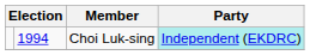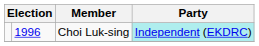 <table class="wikitable">
 <tr>
 <th colspan="2">Election</th>
 <th>Member</th>
 <th>Party</th>
 </tr>
 <tr>
 <td style="background-color: "></td>
-<td><a href='#'>1994</a></td>
+<td><a href='#'>1996</a></td>
 <td>Choi Luk-sing</td>
 <td style="background: paleturquoise;"><a href='#'>Independent</a> (<a href='#'>EKDRC</a>)</td>
 </tr>
 <tr>
 </tr>
 </table>
